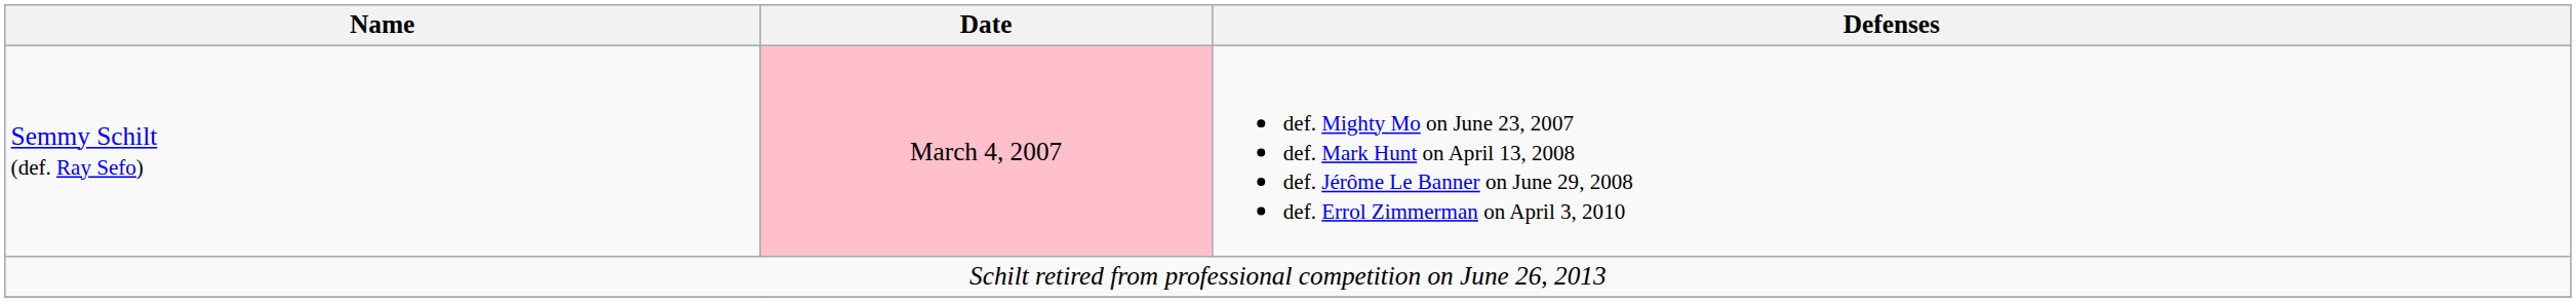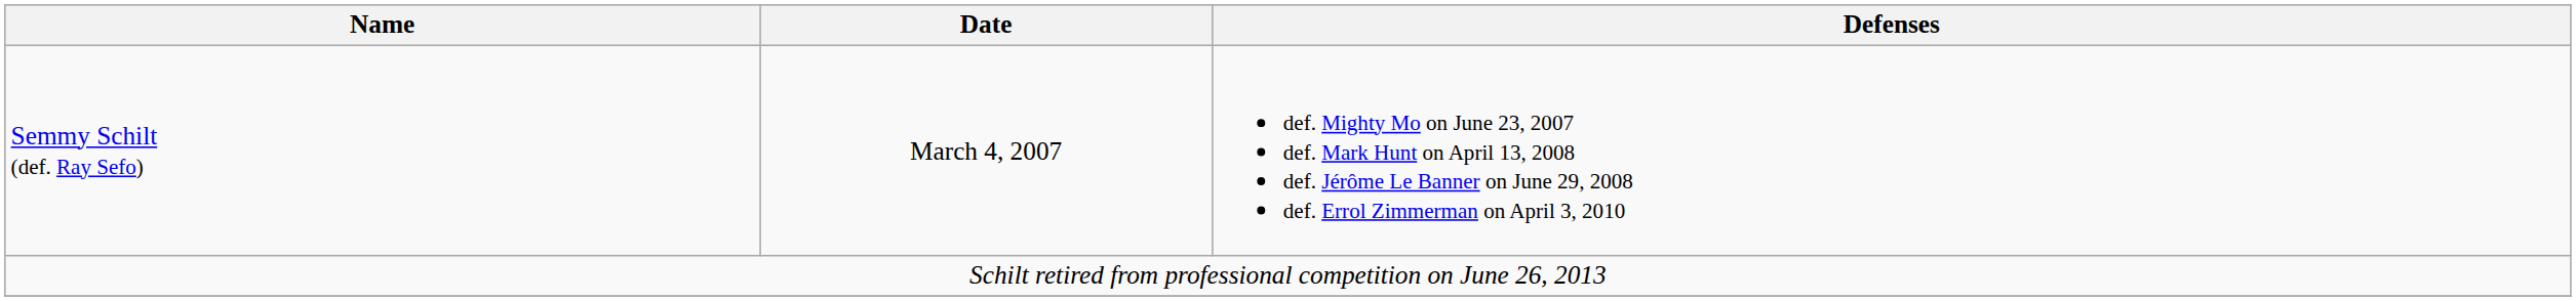 <table class="wikitable" width=100%>
 <tr>
 <th width=25%>Name</th>
 <th width=15%>Date</th>
 <th width=45%>Defenses</th>
 </tr>
 <tr>
 <td align=left> <a href='#'>Semmy Schilt</a> <br><small>(def. <a href='#'>Ray Sefo</a>)</small></td>
-<td align=center style="background: pink;">March 4, 2007</td>
+<td align=center>March 4, 2007</td>
 <td><br><ul><li><small>def. <a href='#'>Mighty Mo</a> on June 23, 2007</small></li><li><small>def. <a href='#'>Mark Hunt</a> on April 13, 2008</small></li><li><small>def. <a href='#'>Jérôme Le Banner</a> on June 29, 2008</small></li><li><small>def. <a href='#'>Errol Zimmerman</a> on April 3, 2010</small></li></ul></td>
 </tr>
 <tr>
 <td colspan=3 align=center><em>Schilt retired from professional competition on June 26, 2013</em></td>
 </tr>
 <tr>
 </tr>
 </table>
